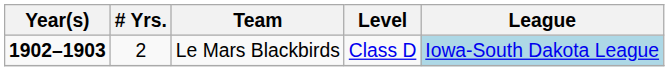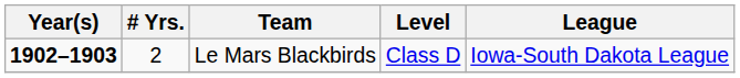 <table class="wikitable" style="text-align:center; font-size: 95%;">
 <tr>
 <th>Year(s)</th>
 <th># Yrs.</th>
 <th>Team</th>
 <th>Level</th>
 <th>League</th>
 </tr>
 <tr>
 <td><strong>1902–1903</strong></td>
 <td>2</td>
 <td>Le Mars Blackbirds</td>
 <td><a href='#'>Class D</a></td>
-<td style="background: lightblue;"><a href='#'>Iowa-South Dakota League</a></td>
+<td><a href='#'>Iowa-South Dakota League</a></td>
 </tr>
 <tr>
 </tr>
 </table>
